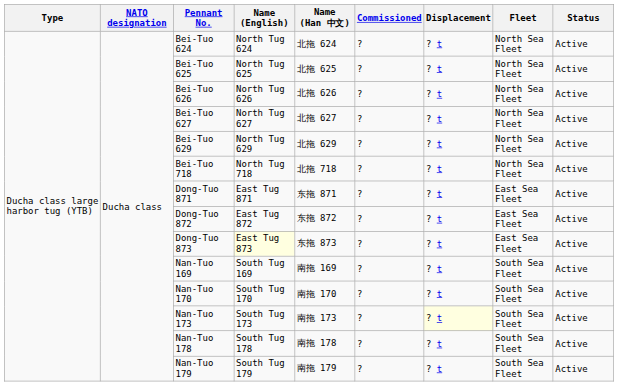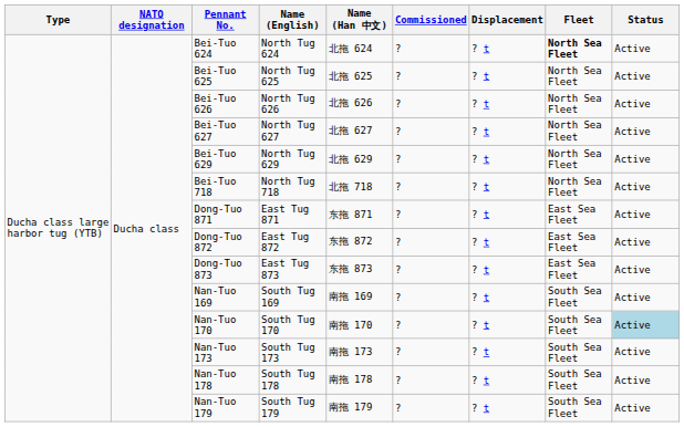 <table class="wikitable sortable"  style="margin:auto; width:100%;">
 <tr>
 <th style="text-align:center; width:16%;">Type</th>
 <th style="text-align:center; width:12%;"><a href='#'>NATO designation</a></th>
 <th style="text-align:center; width:10%;"><a href='#'>Pennant No.</a></th>
 <th style="text-align:center; width:10%;">Name<br>(English)</th>
 <th style="text-align:center; width:10%;">Name<br>(Han 中文)</th>
 <th style="text-align:center; width:10%;"><a href='#'>Commissioned</a></th>
 <th style="text-align:center; width:10%;">Displacement</th>
 <th style="text-align:center; width:10%;">Fleet</th>
 <th style="text-align:center; width:10%;">Status</th>
 </tr>
 <tr>
 <td rowspan="14">Ducha class large harbor tug (YTB)</td>
 <td rowspan="14">Ducha class</td>
 <td>Bei-Tuo 624</td>
 <td>North Tug 624</td>
 <td>北拖 624</td>
 <td>?</td>
 <td>? <a href='#'>t</a></td>
-<td>North Sea Fleet</td>
+<td><strong>North Sea Fleet</strong></td>
 <td><span>Active</span></td>
 </tr>
 <tr>
 <td>Bei-Tuo 625</td>
 <td>North Tug 625</td>
 <td>北拖 625</td>
 <td>?</td>
 <td>? <a href='#'>t</a></td>
 <td>North Sea Fleet</td>
 <td><span>Active</span></td>
 </tr>
 <tr>
 <td>Bei-Tuo 626</td>
 <td>North Tug 626</td>
 <td>北拖 626</td>
 <td>?</td>
 <td>? <a href='#'>t</a></td>
 <td>North Sea Fleet</td>
 <td><span>Active</span></td>
 </tr>
 <tr>
 <td>Bei-Tuo 627</td>
 <td>North Tug 627</td>
 <td>北拖 627</td>
 <td>?</td>
 <td>? <a href='#'>t</a></td>
 <td>North Sea Fleet</td>
 <td><span>Active</span></td>
 </tr>
 <tr>
 <td>Bei-Tuo 629</td>
 <td>North Tug 629</td>
 <td>北拖 629</td>
 <td>?</td>
 <td>? <a href='#'>t</a></td>
 <td>North Sea Fleet</td>
 <td><span>Active</span></td>
 </tr>
 <tr>
 <td>Bei-Tuo 718</td>
 <td>North Tug 718</td>
 <td>北拖 718</td>
 <td>?</td>
 <td>? <a href='#'>t</a></td>
 <td>North Sea Fleet</td>
 <td><span>Active</span></td>
 </tr>
 <tr>
 <td>Dong-Tuo 871</td>
 <td>East Tug 871</td>
 <td>东拖 871</td>
 <td>?</td>
 <td>? <a href='#'>t</a></td>
 <td>East Sea Fleet</td>
 <td><span>Active</span></td>
 </tr>
 <tr>
 <td>Dong-Tuo 872</td>
 <td>East Tug 872</td>
 <td>东拖 872</td>
 <td>?</td>
 <td>? <a href='#'>t</a></td>
 <td>East Sea Fleet</td>
 <td><span>Active</span></td>
 </tr>
 <tr>
 <td>Dong-Tuo 873</td>
-<td style="background: lightyellow;">East Tug 873</td>
+<td>East Tug 873</td>
 <td>东拖 873</td>
 <td>?</td>
 <td>? <a href='#'>t</a></td>
 <td>East Sea Fleet</td>
 <td><span>Active</span></td>
 </tr>
 <tr>
 <td>Nan-Tuo 169</td>
 <td>South Tug 169</td>
 <td>南拖 169</td>
 <td>?</td>
 <td>? <a href='#'>t</a></td>
 <td>South Sea Fleet</td>
 <td><span>Active</span></td>
 </tr>
 <tr>
 <td>Nan-Tuo 170</td>
 <td>South Tug 170</td>
 <td>南拖 170</td>
 <td>?</td>
 <td>? <a href='#'>t</a></td>
 <td>South Sea Fleet</td>
-<td><span>Active</span></td>
+<td style="background: lightblue;"><span>Active</span></td>
 </tr>
 <tr>
 <td>Nan-Tuo 173</td>
 <td>South Tug 173</td>
 <td>南拖 173</td>
 <td>?</td>
-<td style="background: lightyellow;">? <a href='#'>t</a></td>
+<td>? <a href='#'>t</a></td>
 <td>South Sea Fleet</td>
 <td><span>Active</span></td>
 </tr>
 <tr>
 <td>Nan-Tuo 178</td>
 <td>South Tug 178</td>
 <td>南拖 178</td>
 <td>?</td>
 <td>? <a href='#'>t</a></td>
 <td>South Sea Fleet</td>
 <td><span>Active</span></td>
 </tr>
 <tr>
 <td>Nan-Tuo 179</td>
 <td>South Tug 179</td>
 <td>南拖 179</td>
 <td>?</td>
 <td>? <a href='#'>t</a></td>
 <td>South Sea Fleet</td>
 <td><span>Active</span></td>
 </tr>
 </table>
